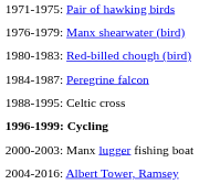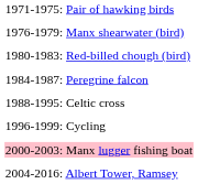 <table cellspacing="10px">
 <tr valign="top">
 <td>1971-1975: <a href='#'>Pair of hawking birds</a><br></td>
 </tr>
 <tr valign="top">
 <td>1976-1979: <a href='#'>Manx shearwater (bird)</a><br></td>
 </tr>
 <tr valign="top">
 <td>1980-1983: <a href='#'>Red-billed chough (bird)</a><br></td>
 </tr>
 <tr valign="top">
 <td>1984-1987: <a href='#'>Peregrine falcon</a><br></td>
 </tr>
 <tr valign="top">
 <td>1988-1995: Celtic cross<br></td>
 </tr>
 <tr valign="top">
-<td><strong>1996-1999: Cycling<br></strong></td>
+<td>1996-1999: Cycling<br></td>
 </tr>
 <tr valign="top">
-<td>2000-2003: Manx <a href='#'>lugger</a> fishing boat<br></td>
+<td style="background: pink;">2000-2003: Manx <a href='#'>lugger</a> fishing boat<br></td>
 </tr>
 <tr valign="top">
 <td>2004-2016: <a href='#'>Albert Tower, Ramsey</a><br></td>
 </tr>
 </table>
